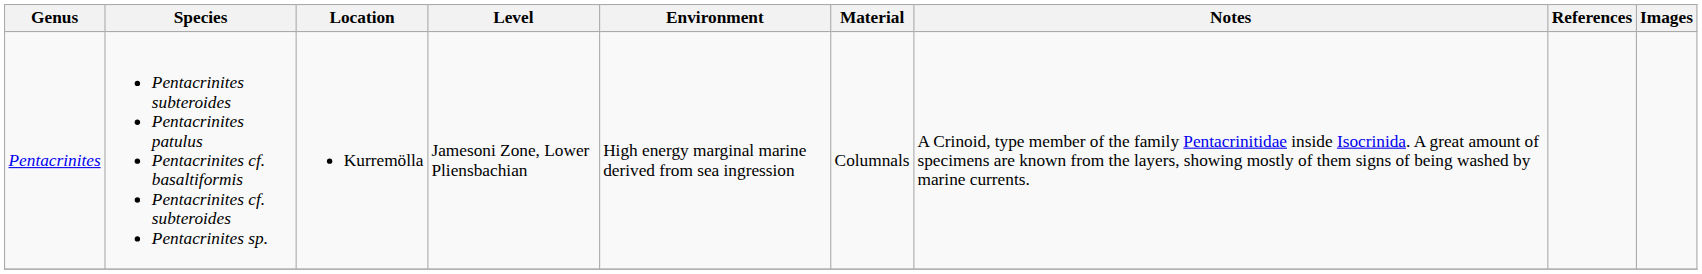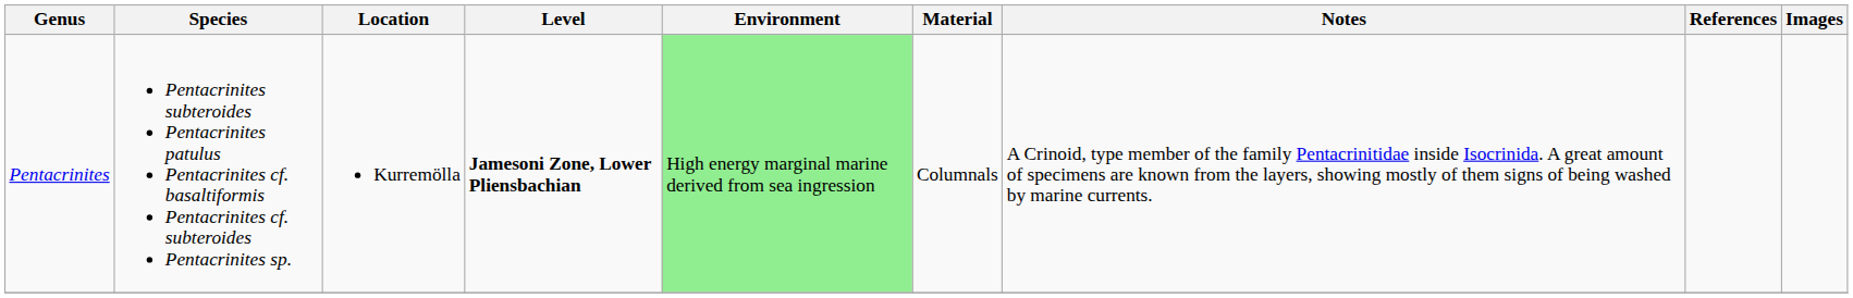 <table class = "wikitable">
 <tr>
 <th>Genus</th>
 <th>Species</th>
 <th>Location</th>
 <th>Level</th>
 <th>Environment</th>
 <th>Material</th>
 <th>Notes</th>
 <th>References</th>
 <th>Images</th>
 </tr>
 <tr>
 <td><br><em><a href='#'>Pentacrinites</a></em></td>
 <td><br><ul><li><em>Pentacrinites subteroides</em></li><li><em>Pentacrinites patulus</em></li><li><em>Pentacrinites cf. basaltiformis</em></li><li><em>Pentacrinites cf. subteroides</em></li><li><em>Pentacrinites sp.</em></li></ul></td>
 <td><br><ul><li>Kurremölla</li></ul></td>
-<td><br>Jamesoni Zone, Lower Pliensbachian</td>
-<td><br>High energy marginal marine derived from sea ingression</td>
+<td><strong><br>Jamesoni Zone, Lower Pliensbachian</strong></td>
+<td style="background: lightgreen;"><br>High energy marginal marine derived from sea ingression</td>
 <td><br>Columnals</td>
 <td><br>A Crinoid, type member of the family <a href='#'>Pentacrinitidae</a> inside <a href='#'>Isocrinida</a>. A great amount of specimens are known from the layers, showing mostly of them signs of being washed by marine currents.</td>
 <td><br></td>
 <td><br></td>
 </tr>
 <tr>
 </tr>
 </table>
